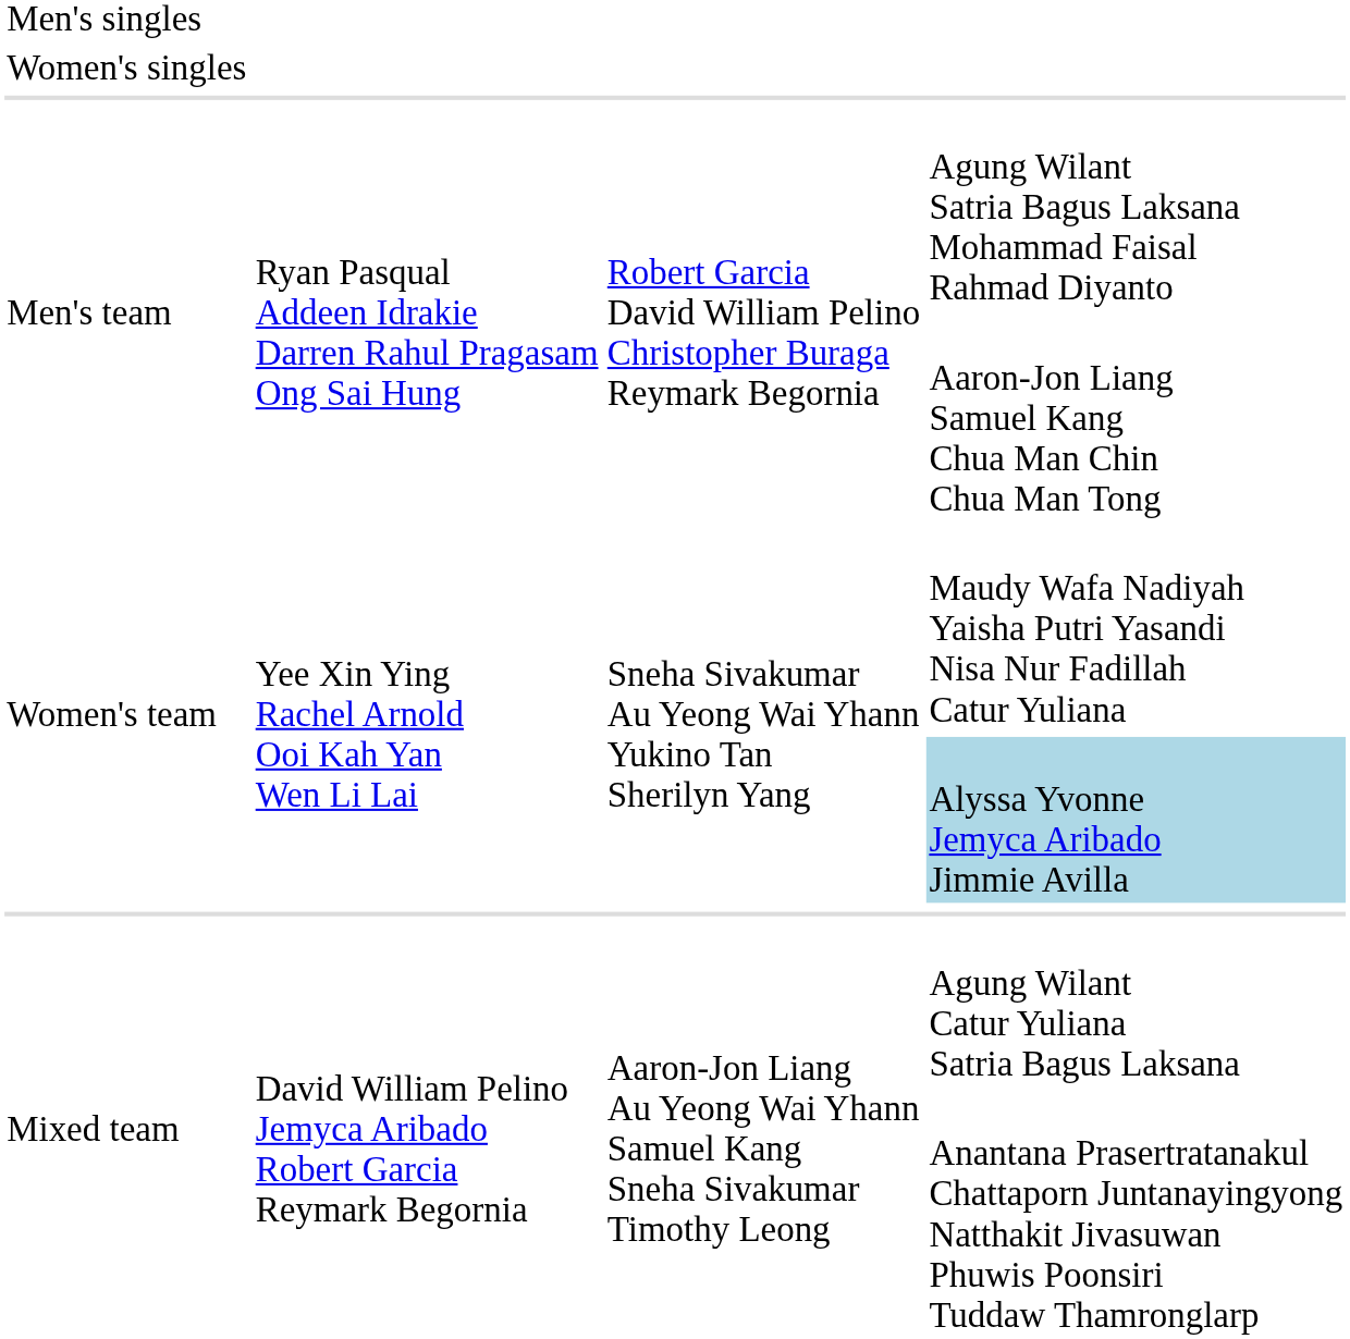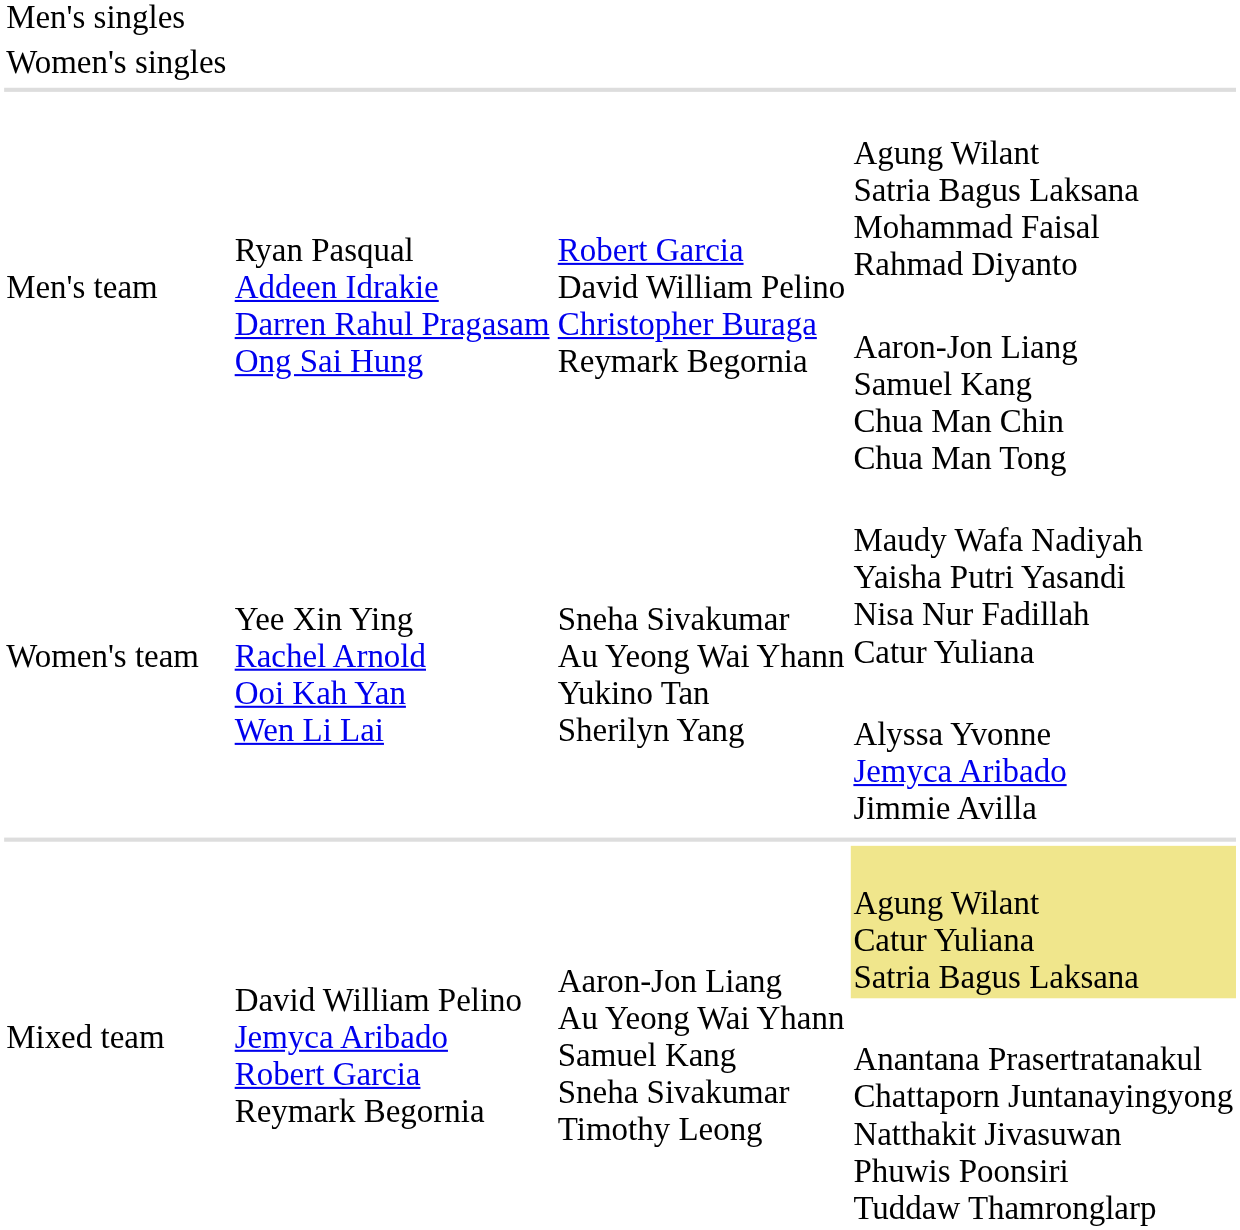 <table>
 <tr>
 <td rowspan=2>Men's singles<br></td>
 <td rowspan=2></td>
 <td rowspan=2></td>
 <td></td>
 </tr>
 <tr>
 <td></td>
 </tr>
 <tr>
 <td rowspan=2>Women's singles<br></td>
 <td rowspan=2></td>
 <td rowspan=2></td>
 <td></td>
 </tr>
 <tr>
 <td></td>
 </tr>
 <tr style="background:#dddddd;">
 <td colspan=7></td>
 </tr>
 <tr>
 <td rowspan=2>Men's team<br></td>
 <td rowspan=2><br>Ryan Pasqual<br><a href='#'>Addeen Idrakie</a><br><a href='#'>Darren Rahul Pragasam</a><br><a href='#'>Ong Sai Hung</a></td>
 <td rowspan=2><br><a href='#'>Robert Garcia</a><br>David William Pelino<br><a href='#'>Christopher Buraga</a><br>Reymark Begornia</td>
 <td><br>Agung Wilant<br>Satria Bagus Laksana<br>Mohammad Faisal<br>Rahmad Diyanto</td>
 </tr>
 <tr>
 <td><br>Aaron-Jon Liang<br>Samuel Kang<br>Chua Man Chin<br>Chua Man Tong</td>
 </tr>
 <tr>
 <td rowspan=2>Women's team<br></td>
 <td rowspan=2><br>Yee Xin Ying<br><a href='#'>Rachel Arnold</a><br><a href='#'>Ooi Kah Yan</a><br><a href='#'>Wen Li Lai</a></td>
 <td rowspan=2><br>Sneha Sivakumar<br>Au Yeong Wai Yhann<br>Yukino Tan<br>Sherilyn Yang</td>
 <td><br>Maudy Wafa Nadiyah<br>Yaisha Putri Yasandi<br>Nisa Nur Fadillah<br>Catur Yuliana</td>
 </tr>
 <tr>
-<td style="background: lightblue;"><br>Alyssa Yvonne<br><a href='#'>Jemyca Aribado</a><br>Jimmie Avilla</td>
+<td><br>Alyssa Yvonne<br><a href='#'>Jemyca Aribado</a><br>Jimmie Avilla</td>
 </tr>
 <tr>
 </tr>
 <tr style="background:#dddddd;">
 <td colspan=7></td>
 </tr>
 <tr>
 <td rowspan=2>Mixed team<br></td>
 <td rowspan=2><br>David William Pelino<br><a href='#'>Jemyca Aribado</a><br><a href='#'>Robert Garcia</a><br>Reymark Begornia</td>
 <td rowspan=2><br>Aaron-Jon Liang<br>Au Yeong Wai Yhann<br>Samuel Kang<br>Sneha Sivakumar<br>Timothy Leong</td>
-<td><br>Agung Wilant<br>Catur Yuliana<br>Satria Bagus Laksana</td>
+<td style="background: khaki;"><br>Agung Wilant<br>Catur Yuliana<br>Satria Bagus Laksana</td>
 </tr>
 <tr>
 <td><br>Anantana Prasertratanakul<br>Chattaporn Juntanayingyong<br>Natthakit Jivasuwan<br>Phuwis Poonsiri<br>Tuddaw Thamronglarp</td>
 </tr>
 </table>
